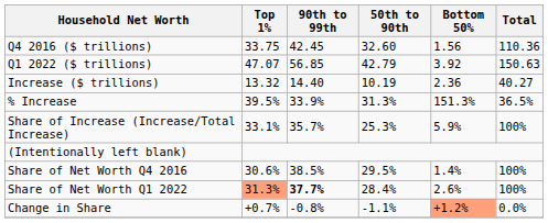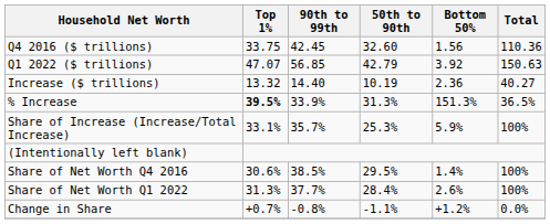 <table class="wikitable">
 <tr>
 <th>Household Net Worth</th>
 <th>Top 1%</th>
 <th>90th to 99th</th>
 <th>50th to 90th</th>
 <th>Bottom 50%</th>
 <th>Total</th>
 </tr>
 <tr>
 <td>Q4 2016 ($ trillions)</td>
 <td>33.75</td>
 <td>42.45</td>
 <td>32.60</td>
 <td>1.56</td>
 <td>110.36</td>
 </tr>
 <tr>
 <td>Q1 2022 ($ trillions)</td>
 <td>47.07</td>
 <td>56.85</td>
 <td>42.79</td>
 <td>3.92</td>
 <td>150.63</td>
 </tr>
 <tr>
 <td>Increase ($ trillions)</td>
 <td>13.32</td>
 <td>14.40</td>
 <td>10.19</td>
 <td>2.36</td>
 <td>40.27</td>
 </tr>
 <tr>
 <td>% Increase</td>
-<td>39.5%</td>
+<td><strong>39.5%</strong></td>
 <td>33.9%</td>
 <td>31.3%</td>
 <td>151.3%</td>
 <td>36.5%</td>
 </tr>
 <tr>
 <td>Share of Increase (Increase/Total Increase)</td>
 <td>33.1%</td>
 <td>35.7%</td>
 <td>25.3%</td>
 <td>5.9%</td>
 <td>100%</td>
 </tr>
 <tr>
 <td>(Intentionally left blank)</td>
 </tr>
 <tr>
 <td>Share of Net Worth Q4 2016</td>
 <td>30.6%</td>
 <td>38.5%</td>
 <td>29.5%</td>
 <td>1.4%</td>
 <td>100%</td>
 </tr>
 <tr>
 <td>Share of Net Worth Q1 2022</td>
-<td style="background: lightsalmon;">31.3%</td>
-<td><strong>37.7%</strong></td>
+<td>31.3%</td>
+<td>37.7%</td>
 <td>28.4%</td>
 <td>2.6%</td>
 <td>100%</td>
 </tr>
 <tr>
 <td>Change in Share</td>
 <td>+0.7%</td>
 <td>-0.8%</td>
 <td>-1.1%</td>
-<td style="background: lightsalmon;">+1.2%</td>
+<td>+1.2%</td>
 <td>0.0%</td>
 </tr>
 <tr>
 </tr>
 </table>
